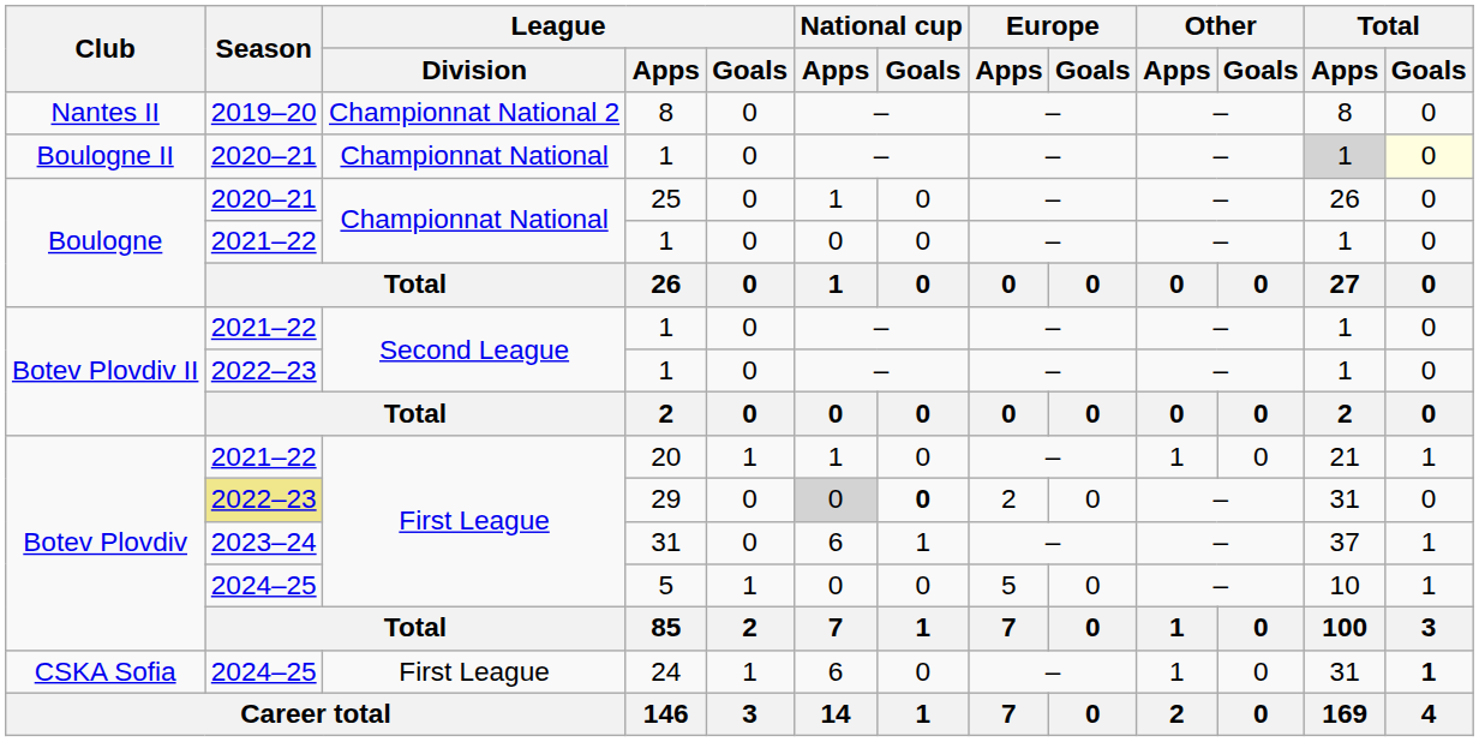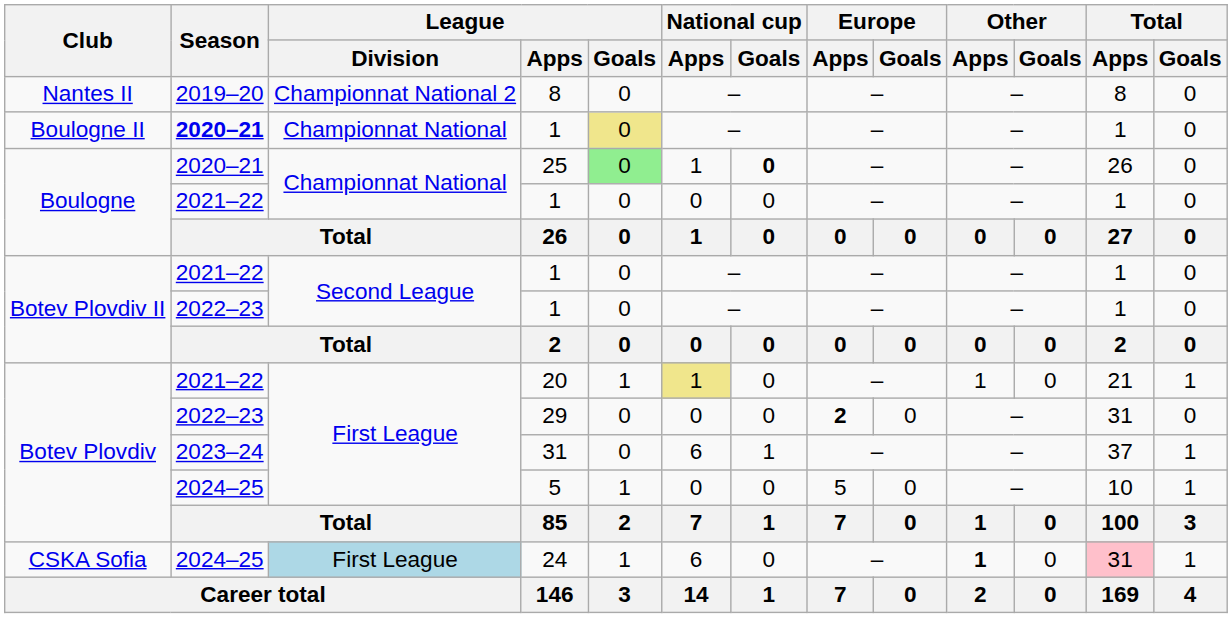 <table class="wikitable" style="text-align:center">
 <tr>
 <th rowspan="2">Club</th>
 <th rowspan="2">Season</th>
 <th colspan="3">League</th>
 <th colspan="2">National cup</th>
 <th colspan="2">Europe</th>
 <th colspan="2">Other</th>
 <th colspan="2">Total</th>
 </tr>
 <tr>
 <th>Division</th>
 <th>Apps</th>
 <th>Goals</th>
 <th>Apps</th>
 <th>Goals</th>
 <th>Apps</th>
 <th>Goals</th>
 <th>Apps</th>
 <th>Goals</th>
 <th>Apps</th>
 <th>Goals</th>
 </tr>
 <tr>
 <td align=center valign=center><a href='#'>Nantes II</a></td>
 <td><a href='#'>2019–20</a></td>
 <td><a href='#'>Championnat National 2</a></td>
 <td>8</td>
 <td>0</td>
 <td colspan="2">–</td>
 <td colspan="2">–</td>
 <td colspan="2">–</td>
 <td>8</td>
 <td>0</td>
 </tr>
 <tr>
 <td align=center valign=center><a href='#'>Boulogne II</a></td>
-<td><a href='#'>2020–21</a></td>
+<td><strong><a href='#'>2020–21</a></strong></td>
 <td><a href='#'>Championnat National</a></td>
 <td>1</td>
-<td>0</td>
+<td style="background: khaki;">0</td>
 <td colspan="2">–</td>
 <td colspan="2">–</td>
 <td colspan="2">–</td>
-<td style="background: lightgrey;">1</td>
-<td style="background: lightyellow;">0</td>
+<td>1</td>
+<td>0</td>
 </tr>
 <tr>
 <td rowspan=3 align=center valign=center><a href='#'>Boulogne</a></td>
 <td><a href='#'>2020–21</a></td>
 <td rowspan=2><a href='#'>Championnat National</a></td>
 <td>25</td>
-<td>0</td>
+<td style="background: lightgreen;">0</td>
 <td>1</td>
-<td>0</td>
+<td><strong>0</strong></td>
 <td colspan="2">–</td>
 <td colspan="2">–</td>
 <td>26</td>
 <td>0</td>
 </tr>
 <tr>
 <td><a href='#'>2021–22</a></td>
 <td>1</td>
 <td>0</td>
 <td>0</td>
 <td>0</td>
 <td colspan="2">–</td>
 <td colspan="2">–</td>
 <td>1</td>
 <td>0</td>
 </tr>
 <tr>
 <th colspan=2>Total</th>
 <th>26</th>
 <th>0</th>
 <th>1</th>
 <th>0</th>
 <th>0</th>
 <th>0</th>
 <th>0</th>
 <th>0</th>
 <th>27</th>
 <th>0</th>
 </tr>
 <tr>
 <td rowspan=3 align=center valign=center><a href='#'>Botev Plovdiv II</a></td>
 <td><a href='#'>2021–22</a></td>
 <td rowspan=2><a href='#'>Second League</a></td>
 <td>1</td>
 <td>0</td>
 <td colspan="2">–</td>
 <td colspan="2">–</td>
 <td colspan="2">–</td>
 <td>1</td>
 <td>0</td>
 </tr>
 <tr>
 <td><a href='#'>2022–23</a></td>
 <td>1</td>
 <td>0</td>
 <td colspan="2">–</td>
 <td colspan="2">–</td>
 <td colspan="2">–</td>
 <td>1</td>
 <td>0</td>
 </tr>
 <tr>
 <th colspan=2>Total</th>
 <th>2</th>
 <th>0</th>
 <th>0</th>
 <th>0</th>
 <th>0</th>
 <th>0</th>
 <th>0</th>
 <th>0</th>
 <th>2</th>
 <th>0</th>
 </tr>
 <tr>
 <td rowspan=5 align=center valign=center><a href='#'>Botev Plovdiv</a></td>
 <td><a href='#'>2021–22</a></td>
 <td rowspan=4><a href='#'>First League</a></td>
 <td>20</td>
 <td>1</td>
-<td>1</td>
+<td style="background: khaki;">1</td>
 <td>0</td>
 <td colspan="2">–</td>
 <td>1</td>
 <td>0</td>
 <td>21</td>
 <td>1</td>
 </tr>
 <tr>
-<td style="background: khaki;"><a href='#'>2022–23</a></td>
+<td><a href='#'>2022–23</a></td>
 <td>29</td>
 <td>0</td>
-<td style="background: lightgrey;">0</td>
-<td><strong>0</strong></td>
-<td>2</td>
+<td>0</td>
+<td>0</td>
+<td><strong>2</strong></td>
 <td>0</td>
 <td colspan="2">–</td>
 <td>31</td>
 <td>0</td>
 </tr>
 <tr>
 <td><a href='#'>2023–24</a></td>
 <td>31</td>
 <td>0</td>
 <td>6</td>
 <td>1</td>
 <td colspan="2">–</td>
 <td colspan="2">–</td>
 <td>37</td>
 <td>1</td>
 </tr>
 <tr>
 <td><a href='#'>2024–25</a></td>
 <td>5</td>
 <td>1</td>
 <td>0</td>
 <td>0</td>
 <td>5</td>
 <td>0</td>
 <td colspan="2">–</td>
 <td>10</td>
 <td>1</td>
 </tr>
 <tr>
 <th colspan=2>Total</th>
 <th>85</th>
 <th>2</th>
 <th>7</th>
 <th>1</th>
 <th>7</th>
 <th>0</th>
 <th>1</th>
 <th>0</th>
 <th>100</th>
 <th>3</th>
 </tr>
 <tr>
 <td align=center valign=center><a href='#'>CSKA Sofia</a></td>
 <td><a href='#'>2024–25</a></td>
-<td>First League</td>
+<td style="background: lightblue;">First League</td>
 <td>24</td>
 <td>1</td>
 <td>6</td>
 <td>0</td>
 <td colspan="2">–</td>
+<td><strong>1</strong></td>
+<td>0</td>
+<td style="background: pink;">31</td>
 <td>1</td>
-<td>0</td>
-<td>31</td>
-<td><strong>1</strong></td>
 </tr>
 <tr>
 <th colspan=3>Career total</th>
 <th>146</th>
 <th>3</th>
 <th>14</th>
 <th>1</th>
 <th>7</th>
 <th>0</th>
 <th>2</th>
 <th>0</th>
 <th>169</th>
 <th>4</th>
 </tr>
 </table>
